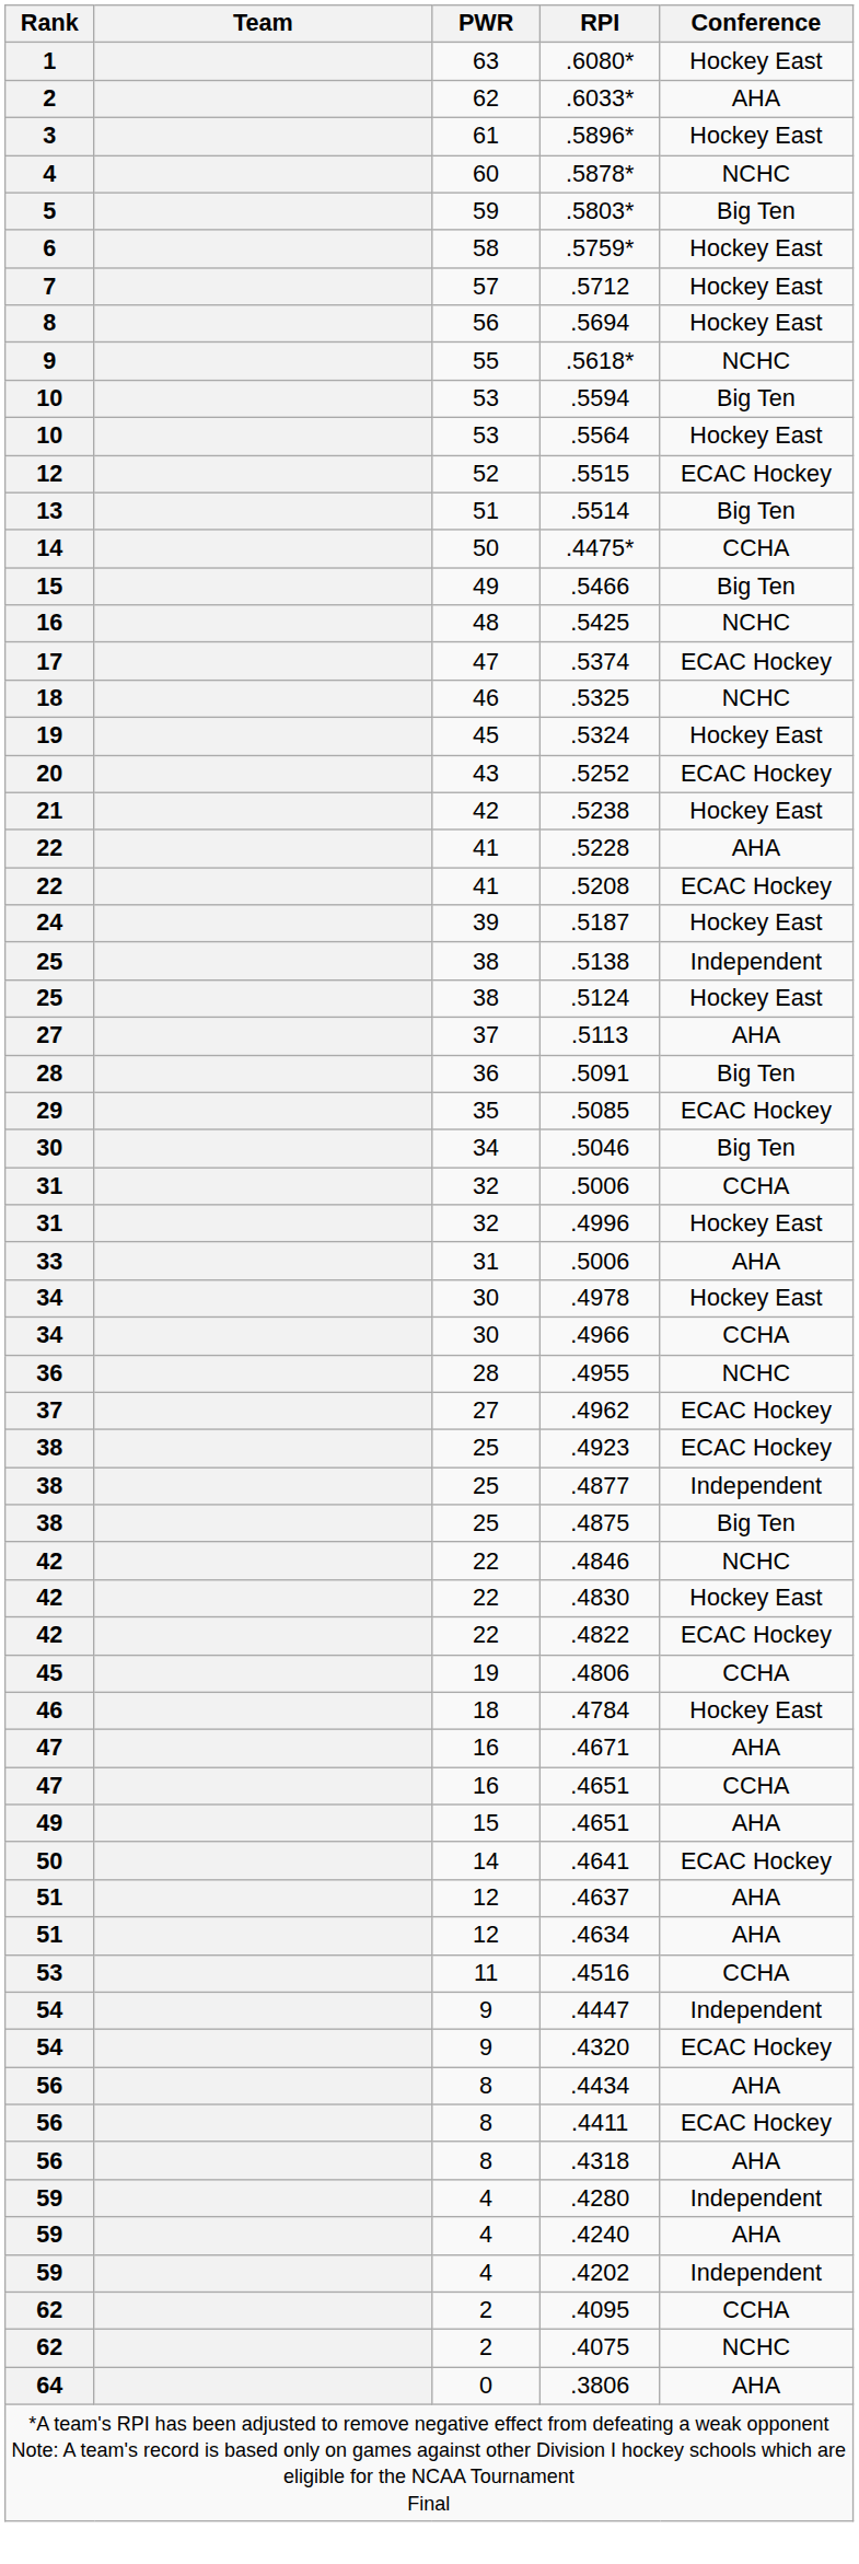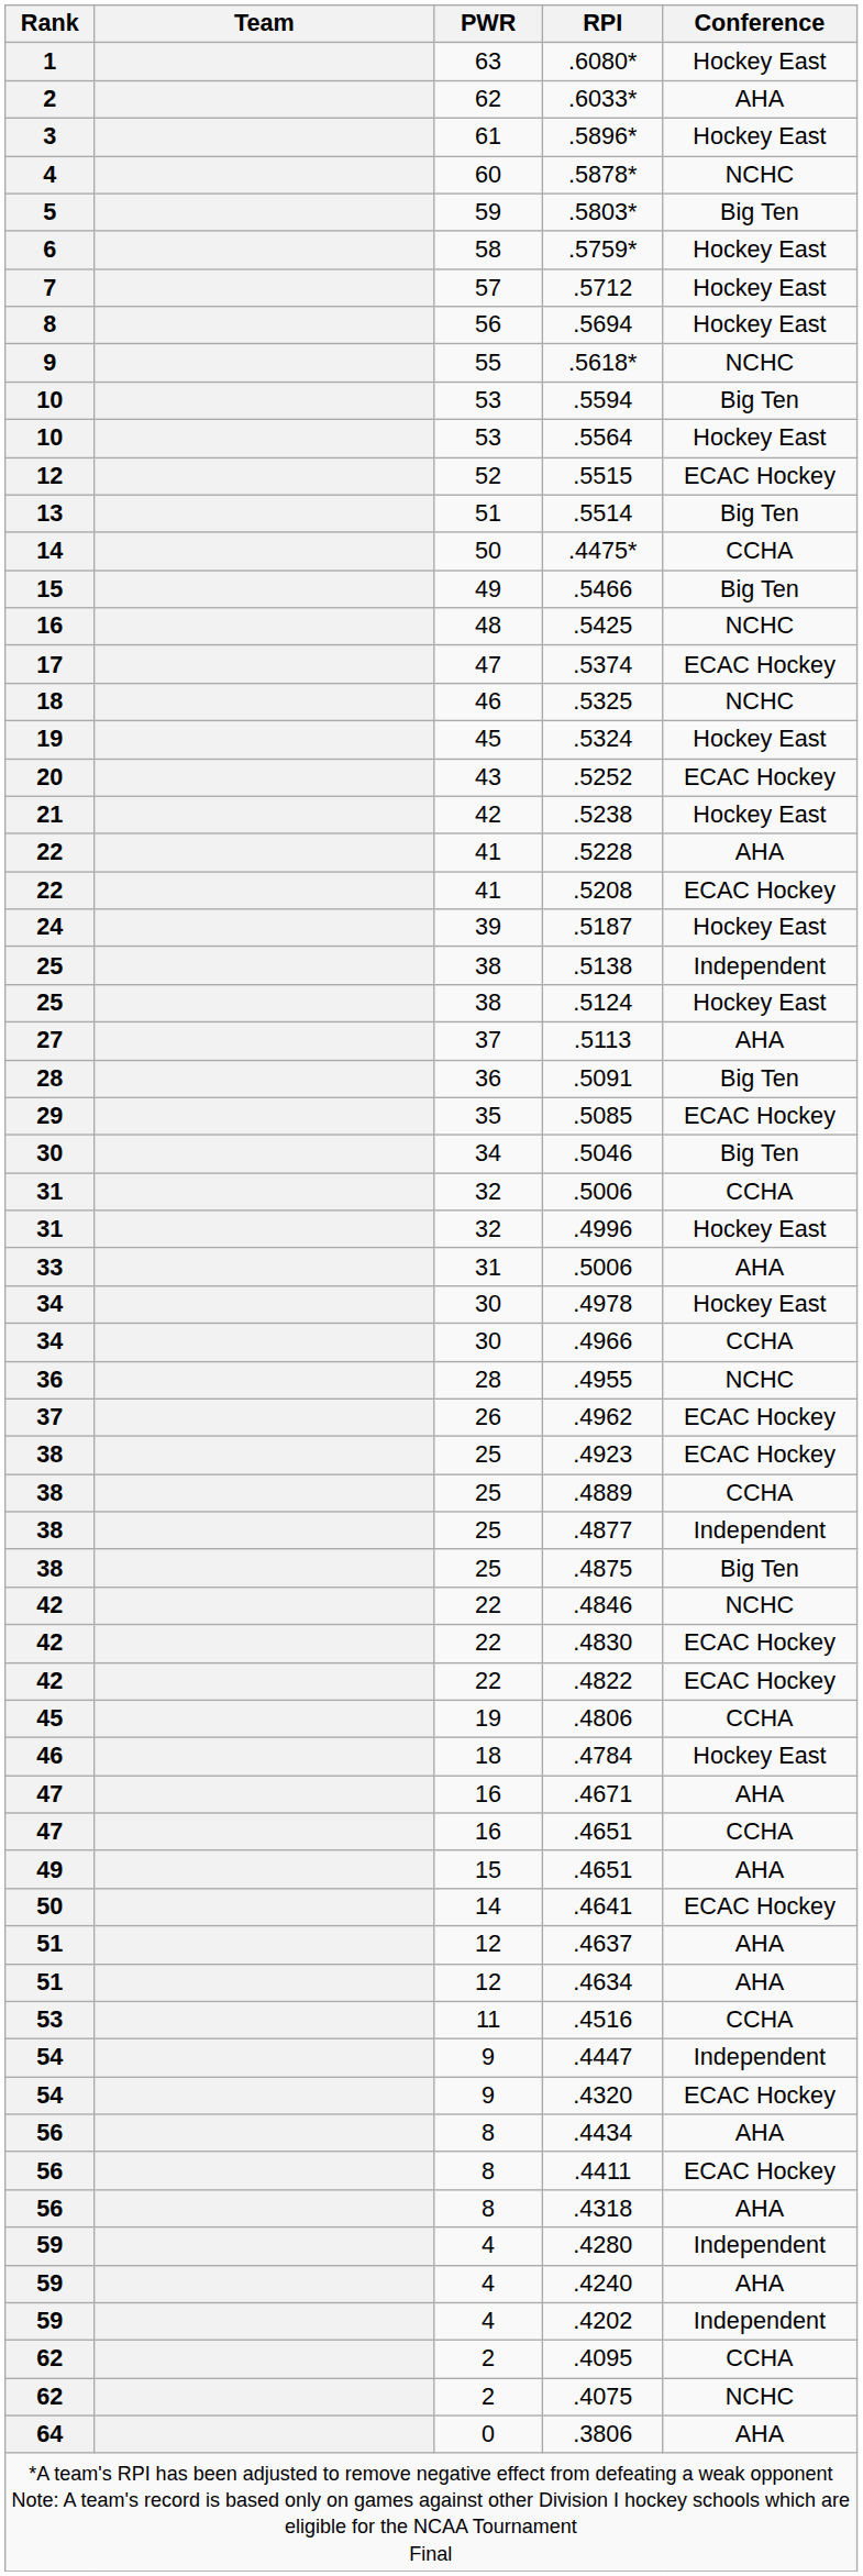 <table class="wikitable sortable" style="text-align: center;" width=65%>
 <tr>
 <th ! width="4%">Rank</th>
 <th ! width="25%">Team</th>
 <th ! width="8%">PWR</th>
 <th ! width="8%">RPI</th>
 <th ! width="10%">Conference</th>
 </tr>
 <tr>
 <th>1</th>
 <th align=center><strong><a href='#'></a></strong></th>
 <td>63</td>
 <td>.6080*</td>
 <td>Hockey East</td>
 </tr>
 <tr>
 <th>2</th>
 <th align=center><strong><a href='#'></a></strong></th>
 <td>62</td>
 <td>.6033*</td>
 <td>AHA</td>
 </tr>
 <tr>
 <th>3</th>
 <th align=center><strong><a href='#'></a></strong></th>
 <td>61</td>
 <td>.5896*</td>
 <td>Hockey East</td>
 </tr>
 <tr>
 <th>4</th>
 <th align=center><strong><a href='#'></a></strong></th>
 <td>60</td>
 <td>.5878*</td>
 <td>NCHC</td>
 </tr>
 <tr>
 <th>5</th>
 <th align=center><strong><a href='#'></a></strong></th>
 <td>59</td>
 <td>.5803*</td>
 <td>Big Ten</td>
 </tr>
 <tr>
 <th>6</th>
 <th align=center><strong><a href='#'></a></strong></th>
 <td>58</td>
 <td>.5759*</td>
 <td>Hockey East</td>
 </tr>
 <tr>
 <th>7</th>
 <th align=center><strong><a href='#'></a></strong></th>
 <td>57</td>
 <td>.5712</td>
 <td>Hockey East</td>
 </tr>
 <tr>
 <th>8</th>
 <th align=center><strong><a href='#'></a></strong></th>
 <td>56</td>
 <td>.5694</td>
 <td>Hockey East</td>
 </tr>
 <tr>
 <th>9</th>
 <th align=center><strong><a href='#'></a></strong></th>
 <td>55</td>
 <td>.5618*</td>
 <td>NCHC</td>
 </tr>
 <tr>
 <th>10</th>
 <th align=center><strong><a href='#'></a></strong></th>
 <td>53</td>
 <td>.5594</td>
 <td>Big Ten</td>
 </tr>
 <tr>
 <th>10</th>
 <th align=center><strong><a href='#'></a></strong></th>
 <td>53</td>
 <td>.5564</td>
 <td>Hockey East</td>
 </tr>
 <tr>
 <th>12</th>
 <th align=center><strong><a href='#'></a></strong></th>
 <td>52</td>
 <td>.5515</td>
 <td>ECAC Hockey</td>
 </tr>
 <tr>
 <th>13</th>
 <th align=center><strong><a href='#'></a></strong></th>
 <td>51</td>
 <td>.5514</td>
 <td>Big Ten</td>
 </tr>
 <tr>
 <th>14</th>
 <th align=center><strong><a href='#'></a></strong></th>
 <td>50</td>
 <td>.4475*</td>
 <td>CCHA</td>
 </tr>
 <tr>
 <th>15</th>
 <th align=center><strong><a href='#'></a></strong></th>
 <td>49</td>
 <td>.5466</td>
 <td>Big Ten</td>
 </tr>
 <tr>
 <th>16</th>
 <th align=center><strong><a href='#'></a></strong></th>
 <td>48</td>
 <td>.5425</td>
 <td>NCHC</td>
 </tr>
 <tr>
 <th>17</th>
 <th align=center><strong><a href='#'></a></strong></th>
 <td>47</td>
 <td>.5374</td>
 <td>ECAC Hockey</td>
 </tr>
 <tr>
 <th>18</th>
 <th align=center><strong></strong></th>
 <td>46</td>
 <td>.5325</td>
 <td>NCHC</td>
 </tr>
 <tr>
 <th>19</th>
 <th align=center><strong><a href='#'></a></strong></th>
 <td>45</td>
 <td>.5324</td>
 <td>Hockey East</td>
 </tr>
 <tr>
 <th>20</th>
 <th align=center><strong><a href='#'></a></strong></th>
 <td>43</td>
 <td>.5252</td>
 <td>ECAC Hockey</td>
 </tr>
 <tr>
 <th>21</th>
 <th align=center><strong><a href='#'></a></strong></th>
 <td>42</td>
 <td>.5238</td>
 <td>Hockey East</td>
 </tr>
 <tr>
 <th>22</th>
 <th align=center><strong><a href='#'></a></strong></th>
 <td>41</td>
 <td>.5228</td>
 <td>AHA</td>
 </tr>
 <tr>
 <th>22</th>
 <th align=center><strong><a href='#'></a></strong></th>
 <td>41</td>
 <td>.5208</td>
 <td>ECAC Hockey</td>
 </tr>
 <tr>
 <th>24</th>
 <th align=center><strong><a href='#'></a></strong></th>
 <td>39</td>
 <td>.5187</td>
 <td>Hockey East</td>
 </tr>
 <tr>
 <th>25</th>
 <th align=center><strong><a href='#'></a></strong></th>
 <td>38</td>
 <td>.5138</td>
 <td>Independent</td>
 </tr>
 <tr>
 <th>25</th>
 <th align=center><strong><a href='#'></a></strong></th>
 <td>38</td>
 <td>.5124</td>
 <td>Hockey East</td>
 </tr>
 <tr>
 <th>27</th>
 <th align=center><strong><a href='#'></a></strong></th>
 <td>37</td>
 <td>.5113</td>
 <td>AHA</td>
 </tr>
 <tr>
 <th>28</th>
 <th align=center><strong><a href='#'></a></strong></th>
 <td>36</td>
 <td>.5091</td>
 <td>Big Ten</td>
 </tr>
 <tr>
 <th>29</th>
 <th align=center><strong><a href='#'></a></strong></th>
 <td>35</td>
 <td>.5085</td>
 <td>ECAC Hockey</td>
 </tr>
 <tr>
 <th>30</th>
 <th align=center><strong><a href='#'></a></strong></th>
 <td>34</td>
 <td>.5046</td>
 <td>Big Ten</td>
 </tr>
 <tr>
 <th>31</th>
 <th align=center><strong><a href='#'></a></strong></th>
 <td>32</td>
 <td>.5006</td>
 <td>CCHA</td>
 </tr>
 <tr>
 <th>31</th>
 <th align=center><strong><a href='#'></a></strong></th>
 <td>32</td>
 <td>.4996</td>
 <td>Hockey East</td>
 </tr>
 <tr>
 <th>33</th>
 <th align=center><strong><a href='#'></a></strong></th>
 <td>31</td>
 <td>.5006</td>
 <td>AHA</td>
 </tr>
 <tr>
 <th>34</th>
 <th align=center><strong><a href='#'></a></strong></th>
 <td>30</td>
 <td>.4978</td>
 <td>Hockey East</td>
 </tr>
 <tr>
 <th>34</th>
 <th align=center><strong><a href='#'></a></strong></th>
 <td>30</td>
 <td>.4966</td>
 <td>CCHA</td>
 </tr>
 <tr>
 <th>36</th>
 <th align=center><strong><a href='#'></a></strong></th>
 <td>28</td>
 <td>.4955</td>
 <td>NCHC</td>
 </tr>
 <tr>
 <th>37</th>
 <th align=center><strong><a href='#'></a></strong></th>
-<td>27</td>
+<td>26</td>
 <td>.4962</td>
 <td>ECAC Hockey</td>
 </tr>
 <tr>
 <th>38</th>
 <th align=center><strong><a href='#'></a></strong></th>
 <td>25</td>
 <td>.4923</td>
 <td>ECAC Hockey</td>
+</tr>
+<tr>
+<th>38</th>
+<th align=center><strong><a href='#'></a></strong></th>
+<td>25</td>
+<td>.4889</td>
+<td>CCHA</td>
 </tr>
 <tr>
 <th>38</th>
 <th align=center><strong><a href='#'></a></strong></th>
 <td>25</td>
 <td>.4877</td>
 <td>Independent</td>
 </tr>
 <tr>
 <th>38</th>
 <th align=center><strong><a href='#'></a></strong></th>
 <td>25</td>
 <td>.4875</td>
 <td>Big Ten</td>
 </tr>
 <tr>
 <th>42</th>
 <th align=center><strong><a href='#'></a></strong></th>
 <td>22</td>
 <td>.4846</td>
 <td>NCHC</td>
 </tr>
 <tr>
 <th>42</th>
 <th align=center><strong><a href='#'></a></strong></th>
 <td>22</td>
 <td>.4830</td>
-<td>Hockey East</td>
+<td>ECAC Hockey</td>
 </tr>
 <tr>
 <th>42</th>
 <th align=center><strong><a href='#'></a></strong></th>
 <td>22</td>
 <td>.4822</td>
 <td>ECAC Hockey</td>
 </tr>
 <tr>
 <th>45</th>
 <th align=center><strong><a href='#'></a></strong></th>
 <td>19</td>
 <td>.4806</td>
 <td>CCHA</td>
 </tr>
 <tr>
 <th>46</th>
 <th align=center><strong><a href='#'></a></strong></th>
 <td>18</td>
 <td>.4784</td>
 <td>Hockey East</td>
 </tr>
 <tr>
 <th>47</th>
 <th align=center><strong><a href='#'></a></strong></th>
 <td>16</td>
 <td>.4671</td>
 <td>AHA</td>
 </tr>
 <tr>
 <th>47</th>
 <th align=center><strong><a href='#'></a></strong></th>
 <td>16</td>
 <td>.4651</td>
 <td>CCHA</td>
 </tr>
 <tr>
 <th>49</th>
 <th align=center><strong><a href='#'></a></strong></th>
 <td>15</td>
 <td>.4651</td>
 <td>AHA</td>
 </tr>
 <tr>
 <th>50</th>
 <th align=center><strong><a href='#'></a></strong></th>
 <td>14</td>
 <td>.4641</td>
 <td>ECAC Hockey</td>
 </tr>
 <tr>
 <th>51</th>
 <th align=center><strong><a href='#'></a></strong></th>
 <td>12</td>
 <td>.4637</td>
 <td>AHA</td>
 </tr>
 <tr>
 <th>51</th>
 <th align=center><strong><a href='#'></a></strong></th>
 <td>12</td>
 <td>.4634</td>
 <td>AHA</td>
 </tr>
 <tr>
 <th>53</th>
 <th align=center><strong><a href='#'></a></strong></th>
 <td>11</td>
 <td>.4516</td>
 <td>CCHA</td>
 </tr>
 <tr>
 <th>54</th>
 <th align=center><strong><a href='#'></a></strong></th>
 <td>9</td>
 <td>.4447</td>
 <td>Independent</td>
 </tr>
 <tr>
 <th>54</th>
 <th align=center><strong><a href='#'></a></strong></th>
 <td>9</td>
 <td>.4320</td>
 <td>ECAC Hockey</td>
 </tr>
 <tr>
 <th>56</th>
 <th align=center><strong><a href='#'></a></strong></th>
 <td>8</td>
 <td>.4434</td>
 <td>AHA</td>
 </tr>
 <tr>
 <th>56</th>
 <th align=center><strong><a href='#'></a></strong></th>
 <td>8</td>
 <td>.4411</td>
 <td>ECAC Hockey</td>
 </tr>
 <tr>
 <th>56</th>
 <th align=center><strong><a href='#'></a></strong></th>
 <td>8</td>
 <td>.4318</td>
 <td>AHA</td>
 </tr>
 <tr>
 <th>59</th>
 <th align=center><strong><a href='#'></a></strong></th>
 <td>4</td>
 <td>.4280</td>
 <td>Independent</td>
 </tr>
 <tr>
 <th>59</th>
 <th align=center><strong></strong></th>
 <td>4</td>
 <td>.4240</td>
 <td>AHA</td>
 </tr>
 <tr>
 <th>59</th>
 <th align=center><strong><a href='#'></a></strong></th>
 <td>4</td>
 <td>.4202</td>
 <td>Independent</td>
 </tr>
 <tr>
 <th>62</th>
 <th align=center><strong><a href='#'></a></strong></th>
 <td>2</td>
 <td>.4095</td>
 <td>CCHA</td>
 </tr>
 <tr>
 <th>62</th>
 <th align=center><strong><a href='#'></a></strong></th>
 <td>2</td>
 <td>.4075</td>
 <td>NCHC</td>
 </tr>
 <tr>
 <th>64</th>
 <th align=center><strong><a href='#'></a></strong></th>
 <td>0</td>
 <td>.3806</td>
 <td>AHA</td>
 </tr>
 <tr class="sortbottom">
 <td colspan=5 style="text-align:center;"><small> *A team's RPI has been adjusted to remove negative effect from defeating a weak opponent <br> Note: A team's record is based only on games against other Division I hockey schools which are eligible for the NCAA Tournament<br>Final</small></td>
 </tr>
 </table>
